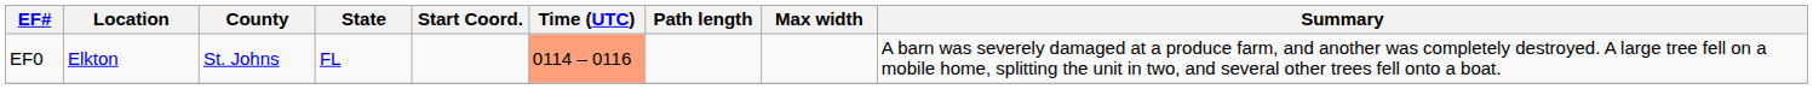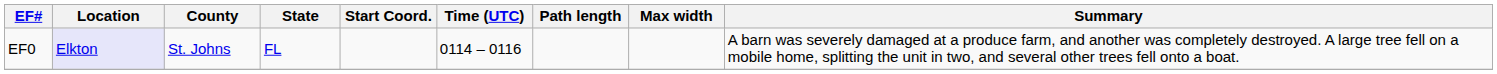 <table class="wikitable sortable" style="width:100%;">
 <tr>
 <th scope="col" width="3%" align="center"><a href='#'>EF#</a></th>
 <th scope="col" width="7%" align="center" class="unsortable">Location</th>
 <th scope="col" width="6%" align="center" class="unsortable">County</th>
 <th scope="col" width="5%" align="center">State</th>
 <th scope="col" width="6%" align="center">Start Coord.</th>
 <th scope="col" width="6%" align="center">Time (<a href='#'>UTC</a>)</th>
 <th scope="col" width="6%" align="center">Path length</th>
 <th scope="col" width="6%" align="center">Max width</th>
 <th scope="col" width="48%" class="unsortable" align="center">Summary</th>
 </tr>
 <tr>
 <td>EF0</td>
-<td><a href='#'>Elkton</a></td>
+<td style="background: lavender;"><a href='#'>Elkton</a></td>
 <td><a href='#'>St. Johns</a></td>
 <td><a href='#'>FL</a></td>
 <td></td>
-<td style="background: lightsalmon;">0114 – 0116</td>
+<td>0114 – 0116</td>
 <td></td>
 <td></td>
 <td>A barn was severely damaged at a produce farm, and another was completely destroyed. A large tree fell on a mobile home, splitting the unit in two, and several other trees fell onto a boat.</td>
 </tr>
 <tr>
 </tr>
 </table>
